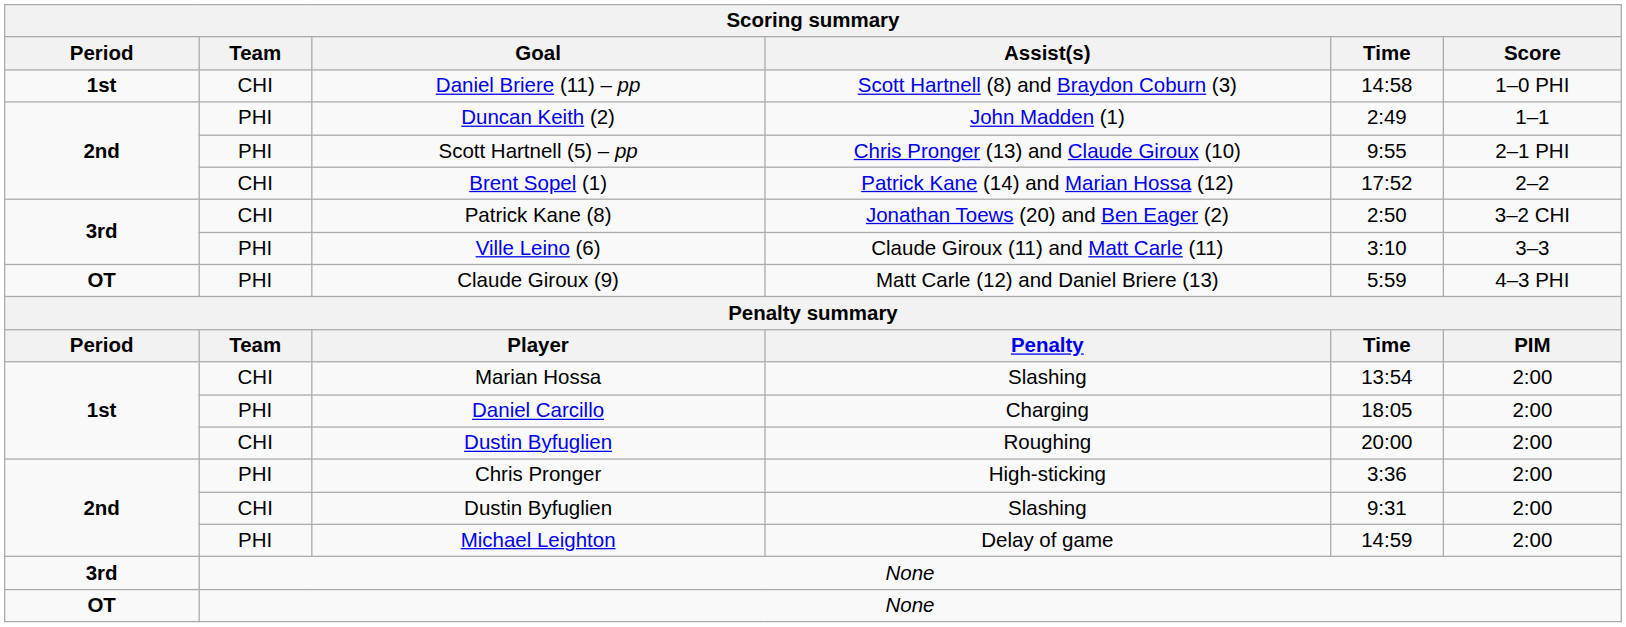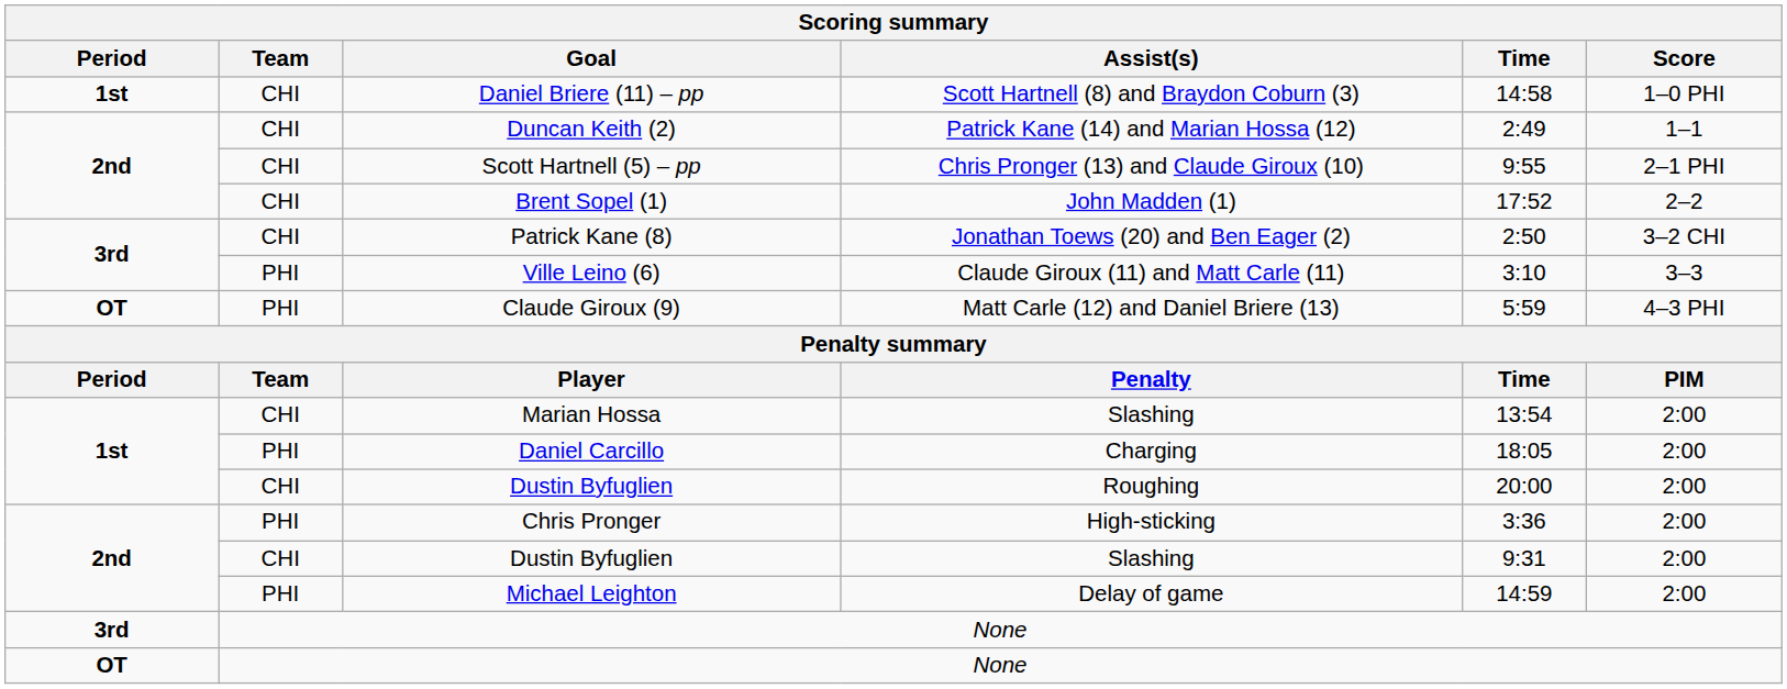 <table style="width:100%;" class="wikitable">
 <tr>
 <th colspan=6>Scoring summary</th>
 </tr>
 <tr>
 <th style="width:12%;">Period</th>
 <th style="width:7%;">Team</th>
 <th style="width:28%;">Goal</th>
 <th style="width:35%;">Assist(s)</th>
 <th style="width:7%;">Time</th>
 <th style="width:11%;">Score</th>
 </tr>
 <tr style="text-align:center;">
 <td rowspan="1"><strong>1st</strong></td>
 <td>CHI</td>
 <td><a href='#'>Daniel Briere</a> (11) – <em>pp</em></td>
 <td><a href='#'>Scott Hartnell</a> (8) and <a href='#'>Braydon Coburn</a> (3)</td>
 <td>14:58</td>
 <td>1–0 PHI</td>
 </tr>
 <tr style="text-align:center;">
 <td rowspan="3"><strong>2nd</strong></td>
-<td>PHI</td>
+<td>CHI</td>
 <td><a href='#'>Duncan Keith</a> (2)</td>
-<td><a href='#'>John Madden</a> (1)</td>
+<td><a href='#'>Patrick Kane</a> (14) and <a href='#'>Marian Hossa</a> (12)</td>
 <td>2:49</td>
 <td>1–1</td>
 </tr>
 <tr style="text-align:center;">
-<td>PHI</td>
+<td>CHI</td>
 <td>Scott Hartnell (5) – <em>pp</em></td>
 <td><a href='#'>Chris Pronger</a> (13) and <a href='#'>Claude Giroux</a> (10)</td>
 <td>9:55</td>
 <td>2–1 PHI</td>
 </tr>
 <tr style="text-align:center;">
 <td>CHI</td>
 <td><a href='#'>Brent Sopel</a> (1)</td>
-<td><a href='#'>Patrick Kane</a> (14) and <a href='#'>Marian Hossa</a> (12)</td>
+<td><a href='#'>John Madden</a> (1)</td>
 <td>17:52</td>
 <td>2–2</td>
 </tr>
 <tr style="text-align:center;">
 <td rowspan="2"><strong>3rd</strong></td>
 <td>CHI</td>
 <td>Patrick Kane (8)</td>
 <td><a href='#'>Jonathan Toews</a> (20) and <a href='#'>Ben Eager</a> (2)</td>
 <td>2:50</td>
 <td>3–2 CHI</td>
 </tr>
 <tr style="text-align:center;">
 <td>PHI</td>
 <td><a href='#'>Ville Leino</a> (6)</td>
 <td>Claude Giroux (11) and <a href='#'>Matt Carle</a> (11)</td>
 <td>3:10</td>
 <td>3–3</td>
 </tr>
 <tr style="text-align:center;">
 <td><strong>OT</strong></td>
 <td>PHI</td>
 <td>Claude Giroux (9)</td>
 <td>Matt Carle (12) and Daniel Briere (13)</td>
 <td>5:59</td>
 <td>4–3 PHI</td>
 </tr>
 <tr>
 <th colspan=6>Penalty summary</th>
 </tr>
 <tr>
 <th style="width:12%;">Period</th>
 <th style="width:7%;">Team</th>
 <th style="width:28%;">Player</th>
 <th style="width:35%;"><a href='#'>Penalty</a></th>
 <th style="width:7%;">Time</th>
 <th style="width:11%;">PIM</th>
 </tr>
 <tr style="text-align:center;">
 <td rowspan="3"><strong>1st</strong></td>
 <td>CHI</td>
 <td>Marian Hossa</td>
 <td>Slashing</td>
 <td>13:54</td>
 <td>2:00</td>
 </tr>
 <tr style="text-align:center;">
 <td>PHI</td>
 <td><a href='#'>Daniel Carcillo</a></td>
 <td>Charging</td>
 <td>18:05</td>
 <td>2:00</td>
 </tr>
 <tr style="text-align:center;">
 <td>CHI</td>
 <td><a href='#'>Dustin Byfuglien</a></td>
 <td>Roughing</td>
 <td>20:00</td>
 <td>2:00</td>
 </tr>
 <tr style="text-align:center;">
 <td rowspan="3"><strong>2nd</strong></td>
 <td>PHI</td>
 <td>Chris Pronger</td>
 <td>High-sticking</td>
 <td>3:36</td>
 <td>2:00</td>
 </tr>
 <tr style="text-align:center;">
 <td>CHI</td>
 <td>Dustin Byfuglien</td>
 <td>Slashing</td>
 <td>9:31</td>
 <td>2:00</td>
 </tr>
 <tr style="text-align:center;">
 <td>PHI</td>
 <td><a href='#'>Michael Leighton</a></td>
 <td>Delay of game</td>
 <td>14:59</td>
 <td>2:00</td>
 </tr>
 <tr style="text-align:center;">
 <td><strong>3rd</strong></td>
 <td colspan="5"><em>None</em></td>
 </tr>
 <tr style="text-align:center;">
 <td><strong>OT</strong></td>
 <td colspan="5"><em>None</em></td>
 </tr>
 </table>
